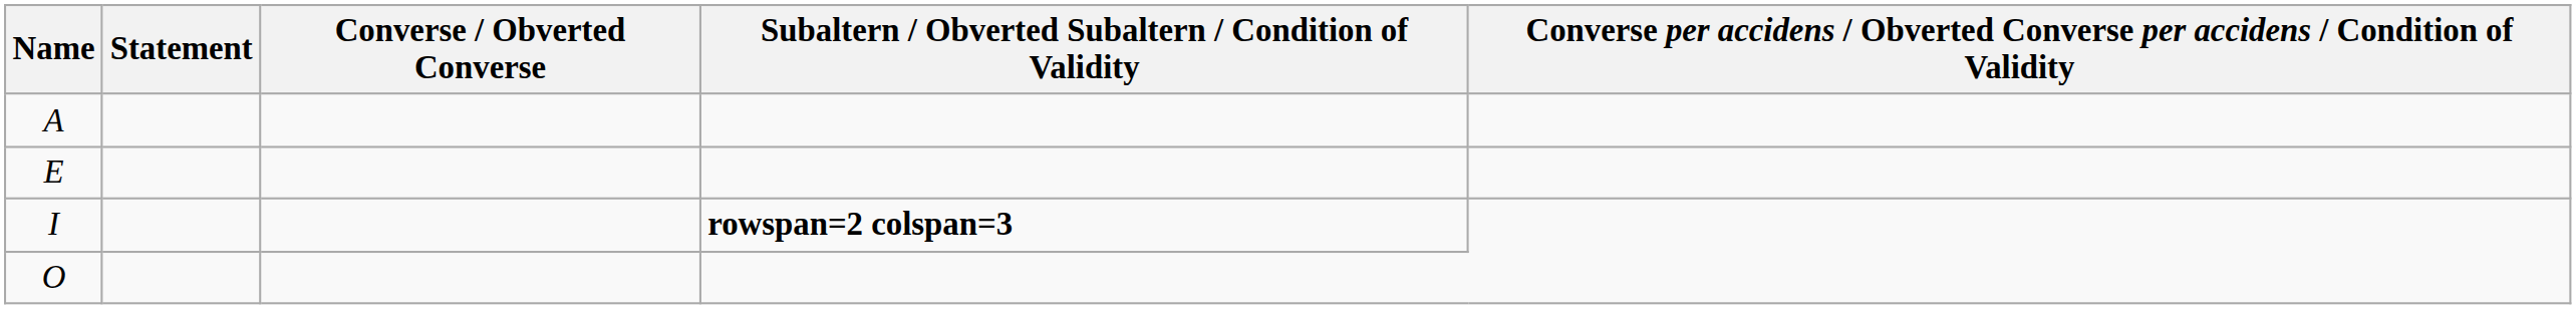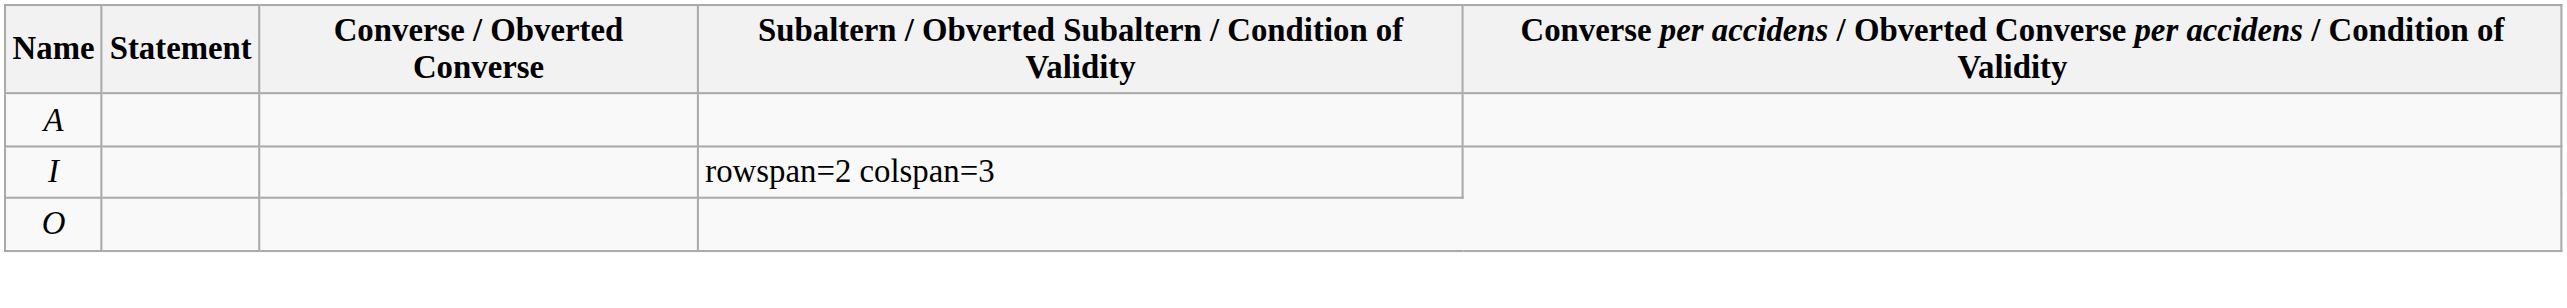 <table class="wikitable">
 <tr>
 <th>Name</th>
 <th>Statement</th>
 <th>Converse / Obverted Converse</th>
 <th>Subaltern / Obverted Subaltern / Condition of Validity</th>
 <th>Converse <em>per accidens</em> / Obverted Converse <em>per accidens</em> / Condition of Validity</th>
 </tr>
 <tr>
 <td align="center"><em>A</em></td>
 <td></td>
 <td></td>
 <td></td>
 <td></td>
 </tr>
 <tr>
-<td align="center"><em>E</em></td>
-<td></td>
-<td></td>
-<td></td>
-<td></td>
-</tr>
-<tr>
 <td align="center"><em>I</em></td>
 <td></td>
 <td></td>
-<td><strong>rowspan=2 colspan=3 </strong></td>
+<td>rowspan=2 colspan=3 </td>
 </tr>
 <tr>
 <td align="center"><em>O</em></td>
 <td></td>
 <td></td>
 </tr>
 </table>
